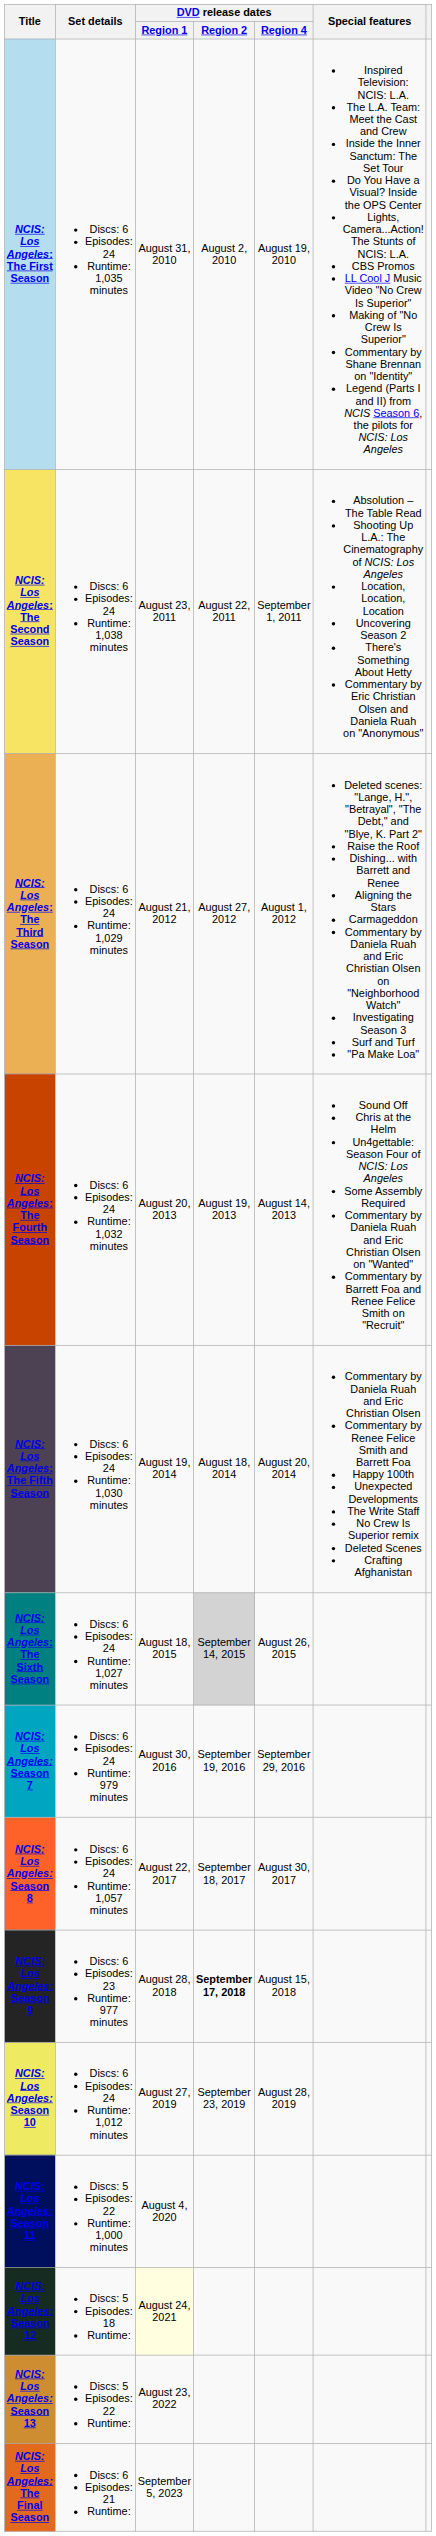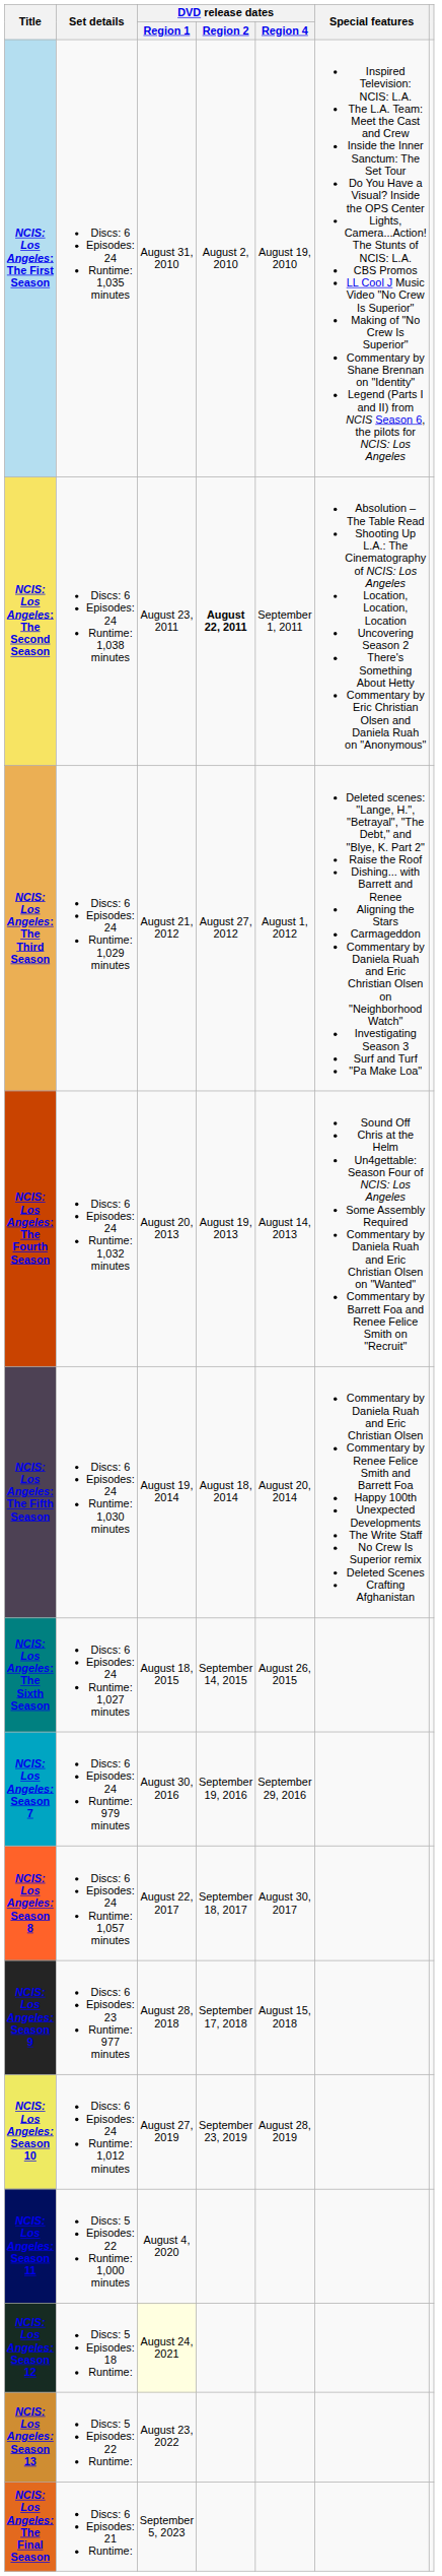 <table class="wikitable plainrowheaders" style="text-align:center; width:100%; margin:auto;">
 <tr>
 <th scope="col" rowspan="2">Title</th>
 <th scope="col" rowspan="2">Set details</th>
 <th scope="col" colspan="3"><a href='#'>DVD</a> release dates</th>
 <th scope="col" rowspan="2">Special features</th>
 <th scope="col" rowspan="2"></th>
 </tr>
 <tr>
 <th scope="col"><a href='#'>Region 1</a></th>
 <th scope="col"><a href='#'>Region 2</a></th>
 <th scope="col"><a href='#'>Region 4</a></th>
 </tr>
 <tr>
 <th scope="row" style="text-align:center; background:#b4def0;"><a href='#'><span><em>NCIS: Los Angeles</em>: The First Season</span></a></th>
 <td><br><ul><li>Discs: 6</li><li>Episodes: 24</li><li>Runtime: 1,035 minutes</li></ul></td>
 <td>August 31, 2010</td>
 <td>August 2, 2010</td>
 <td>August 19, 2010</td>
 <td><br><ul><li>Inspired Television: NCIS: L.A.</li><li>The L.A. Team: Meet the Cast and Crew</li><li>Inside the Inner Sanctum: The Set Tour</li><li>Do You Have a Visual? Inside the OPS Center</li><li>Lights, Camera...Action! The Stunts of NCIS: L.A.</li><li>CBS Promos</li><li><a href='#'>LL Cool J</a> Music Video "No Crew Is Superior"</li><li>Making of "No Crew Is Superior"</li><li>Commentary by Shane Brennan on "Identity"</li><li>Legend (Parts I and II) from <em>NCIS</em> <a href='#'>Season 6</a>, the pilots for <em>NCIS: Los Angeles</em></li></ul></td>
 <td></td>
 </tr>
 <tr>
 <th scope="row" style="text-align:center; background:#f7e463;"><a href='#'><span><em>NCIS: Los Angeles</em>: The Second Season</span></a></th>
 <td><br><ul><li>Discs: 6</li><li>Episodes: 24</li><li>Runtime: 1,038 minutes</li></ul></td>
 <td>August 23, 2011</td>
-<td>August 22, 2011</td>
+<td><strong>August 22, 2011</strong></td>
 <td>September 1, 2011</td>
 <td><br><ul><li>Absolution – The Table Read</li><li>Shooting Up L.A.: The Cinematography of <em>NCIS: Los Angeles</em></li><li>Location, Location, Location</li><li>Uncovering Season 2</li><li>There's Something About Hetty</li><li>Commentary by Eric Christian Olsen and Daniela Ruah on "Anonymous"</li></ul></td>
 <td></td>
 </tr>
 <tr>
 <th scope="row" style="text-align:center; background:#ebaf54;"><a href='#'><span><em>NCIS: Los Angeles</em>: The Third Season</span></a></th>
 <td><br><ul><li>Discs: 6</li><li>Episodes: 24</li><li>Runtime: 1,029 minutes</li></ul></td>
 <td>August 21, 2012</td>
 <td>August 27, 2012</td>
 <td>August 1, 2012</td>
 <td><br><ul><li>Deleted scenes: "Lange, H.", "Betrayal", "The Debt," and "Blye, K. Part 2"</li><li>Raise the Roof</li><li>Dishing... with Barrett and Renee</li><li>Aligning the Stars</li><li>Carmageddon</li><li>Commentary by Daniela Ruah and Eric Christian Olsen on "Neighborhood Watch"</li><li>Investigating Season 3</li><li>Surf and Turf</li><li>"Pa Make Loa"</li></ul></td>
 <td></td>
 </tr>
 <tr>
 <th scope="row" style="text-align:center; background:#c94300;"><a href='#'><span><em>NCIS: Los Angeles</em>: The Fourth Season</span></a></th>
 <td><br><ul><li>Discs: 6</li><li>Episodes: 24</li><li>Runtime: 1,032 minutes</li></ul></td>
 <td>August 20, 2013</td>
 <td>August 19, 2013</td>
 <td>August 14, 2013</td>
 <td><br><ul><li>Sound Off</li><li>Chris at the Helm</li><li>Un4gettable: Season Four of <em>NCIS: Los Angeles</em></li><li>Some Assembly Required</li><li>Commentary by Daniela Ruah and Eric Christian Olsen on "Wanted"</li><li>Commentary by Barrett Foa and Renee Felice Smith on "Recruit"</li></ul></td>
 <td></td>
 </tr>
 <tr>
 <th scope="row" style="text-align:center; background:#4d4154;"><a href='#'><span><em>NCIS: Los Angeles</em>: The Fifth Season</span></a></th>
 <td><br><ul><li>Discs: 6</li><li>Episodes: 24</li><li>Runtime: 1,030 minutes</li></ul></td>
 <td>August 19, 2014</td>
 <td>August 18, 2014</td>
 <td>August 20, 2014</td>
 <td><br><ul><li>Commentary by Daniela Ruah and Eric Christian Olsen</li><li>Commentary by Renee Felice Smith and Barrett Foa</li><li>Happy 100th</li><li>Unexpected Developments</li><li>The Write Staff</li><li>No Crew Is Superior remix</li><li>Deleted Scenes</li><li>Crafting Afghanistan</li></ul></td>
 <td></td>
 </tr>
 <tr>
 <th scope="row" style="text-align:center; background:#008080;"><a href='#'><span><em>NCIS: Los Angeles</em>: The Sixth Season</span></a></th>
 <td><br><ul><li>Discs: 6</li><li>Episodes: 24</li><li>Runtime: 1,027 minutes</li></ul></td>
 <td>August 18, 2015</td>
-<td style="background: lightgrey;">September 14, 2015</td>
+<td>September 14, 2015</td>
 <td>August 26, 2015</td>
 <td></td>
 </tr>
 <tr>
 <th scope="row" style="text-align:center; background:#00A5C2;"><a href='#'><span><em>NCIS: Los Angeles:</em> Season 7</span></a></th>
 <td><br><ul><li>Discs: 6</li><li>Episodes: 24</li><li>Runtime: 979 minutes</li></ul></td>
 <td>August 30, 2016</td>
 <td>September 19, 2016</td>
 <td>September 29, 2016</td>
 <td></td>
 <td></td>
 </tr>
 <tr>
 <th scope="row" style="text-align:center; background:#FF6229;"><a href='#'><span><em>NCIS: Los Angeles:</em> Season 8</span></a></th>
 <td><br><ul><li>Discs: 6</li><li>Episodes: 24</li><li>Runtime: 1,057 minutes</li></ul></td>
 <td>August 22, 2017</td>
 <td>September 18, 2017</td>
 <td>August 30, 2017</td>
 <td></td>
 <td></td>
 </tr>
 <tr>
 <th scope="row" style="text-align:center; background:#242424;"><a href='#'><span><em>NCIS: Los Angeles:</em> Season 9</span></a></th>
 <td><br><ul><li>Discs: 6</li><li>Episodes: 23</li><li>Runtime: 977 minutes</li></ul></td>
 <td>August 28, 2018</td>
-<td><strong>September 17, 2018</strong></td>
+<td>September 17, 2018</td>
 <td>August 15, 2018</td>
 <td></td>
 <td></td>
 </tr>
 <tr>
 <th scope="row" style="text-align:center; background:#EEEA62;"><a href='#'><span><em>NCIS: Los Angeles:</em> Season 10</span></a></th>
 <td><br><ul><li>Discs: 6</li><li>Episodes: 24</li><li>Runtime: 1,012 minutes</li></ul></td>
 <td>August 27, 2019</td>
 <td>September 23, 2019</td>
 <td>August 28, 2019</td>
 <td></td>
 <td></td>
 </tr>
 <tr>
 <th scope="row" style="text-align:center; background:#000e5e;"><a href='#'><span><em>NCIS: Los Angeles:</em> Season 11</span></a></th>
 <td><br><ul><li>Discs: 5</li><li>Episodes: 22</li><li>Runtime: 1,000 minutes</li></ul></td>
 <td>August 4, 2020</td>
 <td></td>
 <td></td>
 <td></td>
 <td></td>
 </tr>
 <tr>
 <th scope="row" style="text-align:center; background:#162B22;"><a href='#'><span><em>NCIS: Los Angeles:</em> Season 12</span></a></th>
 <td><br><ul><li>Discs: 5</li><li>Episodes: 18</li><li>Runtime:</li></ul></td>
 <td style="background: lightyellow;">August 24, 2021</td>
 <td></td>
 <td></td>
 <td></td>
 <td></td>
 </tr>
 <tr>
 <th scope="row" style="text-align:center; background:#cf8d32;"><a href='#'><span><em>NCIS: Los Angeles:</em> Season 13</span></a></th>
 <td><br><ul><li>Discs: 5</li><li>Episodes: 22</li><li>Runtime:</li></ul></td>
 <td>August 23, 2022</td>
 <td></td>
 <td></td>
 <td></td>
 <td></td>
 </tr>
 <tr>
 <th scope="row" style="text-align:center; background:#E3691E;"><a href='#'><span><em>NCIS: Los Angeles:</em> The Final Season</span></a></th>
 <td><br><ul><li>Discs: 6</li><li>Episodes: 21</li><li>Runtime:</li></ul></td>
 <td>September 5, 2023</td>
 <td></td>
 <td></td>
 <td></td>
 <td></td>
 </tr>
 </table>
